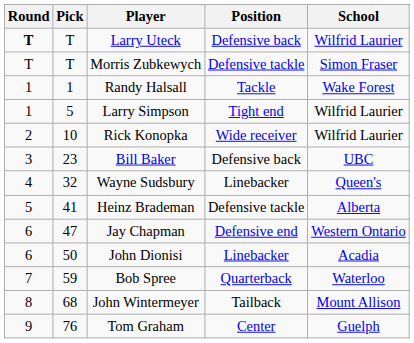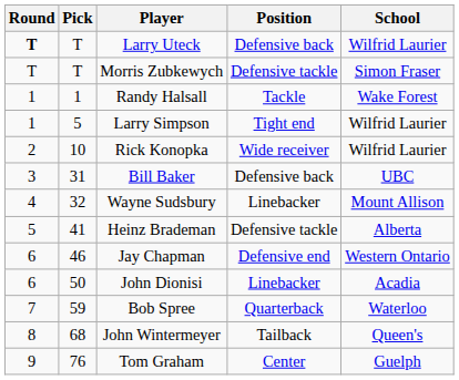 <table class="wikitable" style="font-size: 95%;">
 <tr>
 <th scope="col">Round</th>
 <th scope="col">Pick</th>
 <th scope="col">Player</th>
 <th scope="col">Position</th>
 <th scope="col">School</th>
 </tr>
 <tr align="center">
 <td align=center><strong>T</strong></td>
 <td>T</td>
 <td><a href='#'>Larry Uteck</a></td>
 <td><a href='#'>Defensive back</a></td>
 <td><a href='#'>Wilfrid Laurier</a></td>
 </tr>
 <tr align="center">
 <td align=center>T</td>
 <td>T</td>
 <td>Morris Zubkewych</td>
 <td><a href='#'>Defensive tackle</a></td>
 <td><a href='#'>Simon Fraser</a></td>
 </tr>
 <tr align="center">
 <td align=center>1</td>
 <td>1</td>
 <td>Randy Halsall</td>
 <td><a href='#'>Tackle</a></td>
 <td><a href='#'>Wake Forest</a></td>
 </tr>
 <tr align="center">
 <td align=center>1</td>
 <td>5</td>
 <td>Larry Simpson</td>
 <td><a href='#'>Tight end</a></td>
 <td>Wilfrid Laurier</td>
 </tr>
 <tr align="center">
 <td align=center>2</td>
 <td>10</td>
 <td>Rick Konopka</td>
 <td><a href='#'>Wide receiver</a></td>
 <td>Wilfrid Laurier</td>
 </tr>
 <tr align="center">
 <td align=center>3</td>
-<td>23</td>
+<td>31</td>
 <td><a href='#'>Bill Baker</a></td>
 <td>Defensive back</td>
 <td><a href='#'>UBC</a></td>
 </tr>
 <tr align="center">
 <td align=center>4</td>
 <td>32</td>
 <td>Wayne Sudsbury</td>
 <td>Linebacker</td>
-<td><a href='#'>Queen's</a></td>
+<td><a href='#'>Mount Allison</a></td>
 </tr>
 <tr align="center">
 <td align=center>5</td>
 <td>41</td>
 <td>Heinz Brademan</td>
 <td>Defensive tackle</td>
 <td><a href='#'>Alberta</a></td>
 </tr>
 <tr align="center">
 <td align=center>6</td>
-<td>47</td>
+<td>46</td>
 <td>Jay Chapman</td>
 <td><a href='#'>Defensive end</a></td>
 <td><a href='#'>Western Ontario</a></td>
 </tr>
 <tr align="center">
 <td align=center>6</td>
 <td>50</td>
 <td>John Dionisi</td>
 <td><a href='#'>Linebacker</a></td>
 <td><a href='#'>Acadia</a></td>
 </tr>
 <tr align="center">
 <td align=center>7</td>
 <td>59</td>
 <td>Bob Spree</td>
 <td><a href='#'>Quarterback</a></td>
 <td><a href='#'>Waterloo</a></td>
 </tr>
 <tr align="center">
 <td align=center>8</td>
 <td>68</td>
 <td>John Wintermeyer</td>
 <td>Tailback</td>
-<td><a href='#'>Mount Allison</a></td>
+<td><a href='#'>Queen's</a></td>
 </tr>
 <tr align="center">
 <td align=center>9</td>
 <td>76</td>
 <td>Tom Graham</td>
 <td><a href='#'>Center</a></td>
 <td><a href='#'>Guelph</a></td>
 </tr>
 </table>
